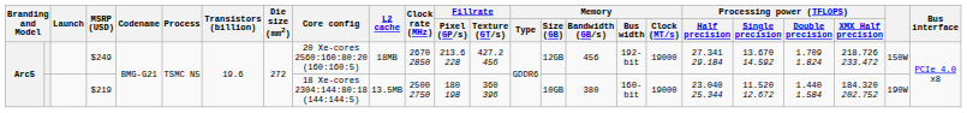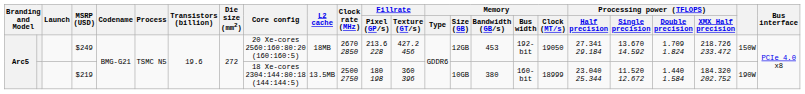 <table class="wikitable" style="text-align: center; font-size: 85%;">
 <tr>
 <th colspan="2" rowspan="2">Branding and Model</th>
 <th rowspan="2">Launch</th>
 <th rowspan="2">MSRP<br>(USD)</th>
 <th rowspan="2">Codename</th>
 <th rowspan="2">Process</th>
 <th rowspan="2">Transistors (billion)</th>
 <th rowspan="2">Die size<br>(mm<sup>2</sup>)</th>
 <th rowspan="2">Core config</th>
 <th rowspan="2"><a href='#'>L2 cache</a></th>
 <th rowspan="2">Clock rate <br> (<a href='#'>MHz</a>)</th>
 <th colspan="2"><a href='#'>Fillrate</a></th>
 <th colspan="5">Memory</th>
 <th colspan="4">Processing power (<a href='#'>TFLOPS</a>)</th>
 <th rowspan="2"></th>
 <th rowspan="2">Bus <br>interface</th>
 </tr>
 <tr>
 <th>Pixel <br> (<a href='#'>GP</a>/s)</th>
 <th>Texture <br> (<a href='#'>GT</a>/s)</th>
 <th>Type</th>
 <th>Size (<a href='#'>GB</a>)</th>
 <th>Bandwidth <br> (<a href='#'>GB</a>/s)</th>
 <th>Bus width</th>
 <th>Clock <br> (<a href='#'>MT/s</a>)</th>
 <th><a href='#'>Half <br> precision</a></th>
 <th><a href='#'>Single <br> precision</a></th>
 <th><a href='#'>Double <br> precision</a></th>
 <th><a href='#'>XMX Half <br> precision</a></th>
 </tr>
 <tr>
 <th rowspan="2">Arc5</th>
 <th style="text-align: left"></th>
 <td></td>
 <td>$249</td>
 <td rowspan="2">BMG-G21</td>
 <td rowspan="2">TSMC N5</td>
 <td rowspan="2">19.6</td>
 <td rowspan="2">272</td>
 <td>20 Xe-cores <br> 2560:160:80:20 <br> (160:160:5)</td>
 <td>18MB</td>
 <td>2670 <br> <em>2850</em></td>
 <td>213.6<br><em>228</em></td>
 <td>427.2<br><em>456</em></td>
 <td rowspan="2">GDDR6</td>
 <td>12GB</td>
-<td>456</td>
+<td>453</td>
 <td>192-bit</td>
-<td>19000</td>
+<td>19050</td>
 <td>27.341<br><em>29.184</em></td>
 <td>13.670<br><em>14.592</em></td>
 <td>1.709<br><em>1.824</em></td>
 <td>218.726<br><em>233.472</em></td>
 <td>150W</td>
 <td rowspan="2"><a href='#'>PCIe 4.0</a> x8</td>
 </tr>
 <tr>
 <th style="text-align: left"><br></th>
 <td></td>
 <td>$219</td>
 <td>18 Xe-cores <br> 2304:144:80:18 <br> (144:144:5)</td>
 <td>13.5MB</td>
 <td>2500 <br> <em>2750</em></td>
 <td>180<br><em>198</em></td>
 <td>360<br><em>396</em></td>
 <td>10GB</td>
 <td>380</td>
 <td>160-bit</td>
-<td>19000</td>
+<td>18999</td>
 <td>23.040<br><em>25.344</em></td>
 <td>11.520<br><em>12.672</em></td>
 <td>1.440<br><em>1.584</em></td>
 <td>184.320<br><em>202.752</em></td>
 <td>190W</td>
 </tr>
 </table>
